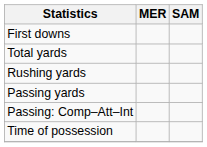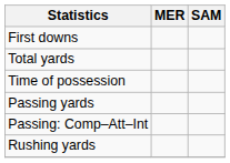 <table class="wikitable" style="float: left;">
 <tr>
 <th>Statistics</th>
 <th>MER</th>
 <th>SAM</th>
 </tr>
 <tr>
 <td>First downs</td>
 <td></td>
 <td></td>
 </tr>
 <tr>
 <td>Total yards</td>
 <td></td>
 <td></td>
 </tr>
 <tr>
-<td>Rushing yards</td>
+<td>Time of possession</td>
 <td></td>
 <td></td>
 </tr>
 <tr>
 <td>Passing yards</td>
 <td></td>
 <td></td>
 </tr>
 <tr>
 <td>Passing: Comp–Att–Int</td>
 <td></td>
 <td></td>
 </tr>
 <tr>
-<td>Time of possession</td>
+<td>Rushing yards</td>
 <td></td>
 <td></td>
 </tr>
 <tr>
 </tr>
 </table>
